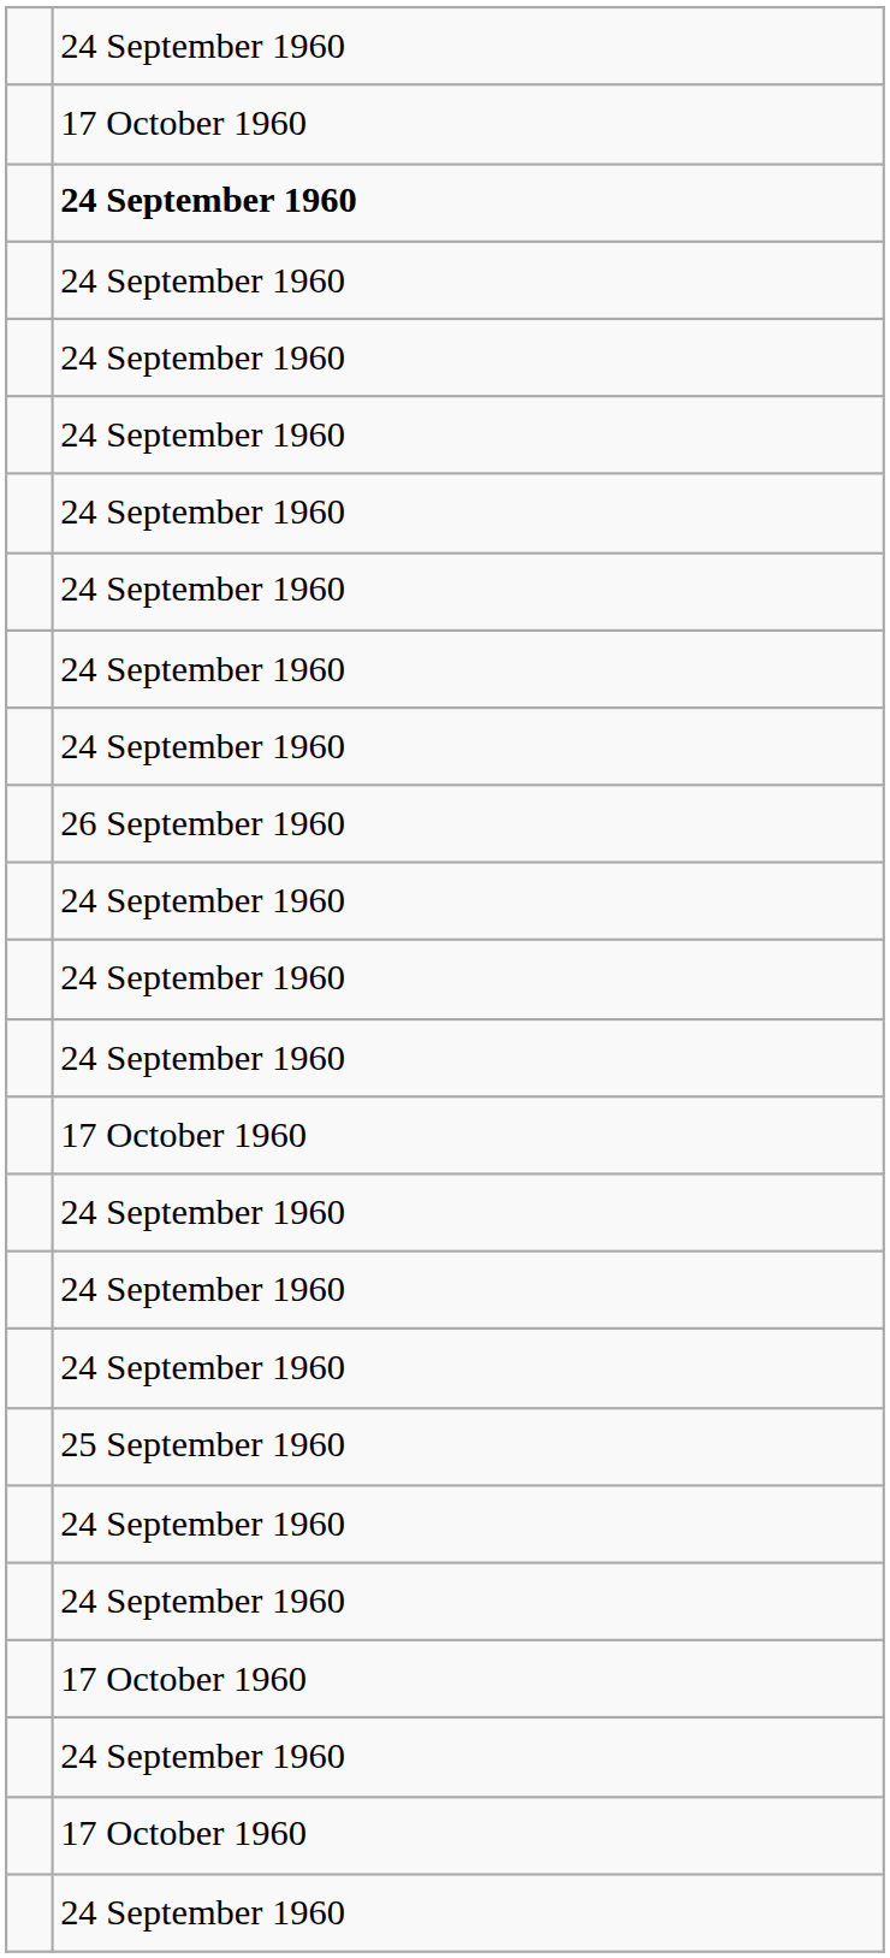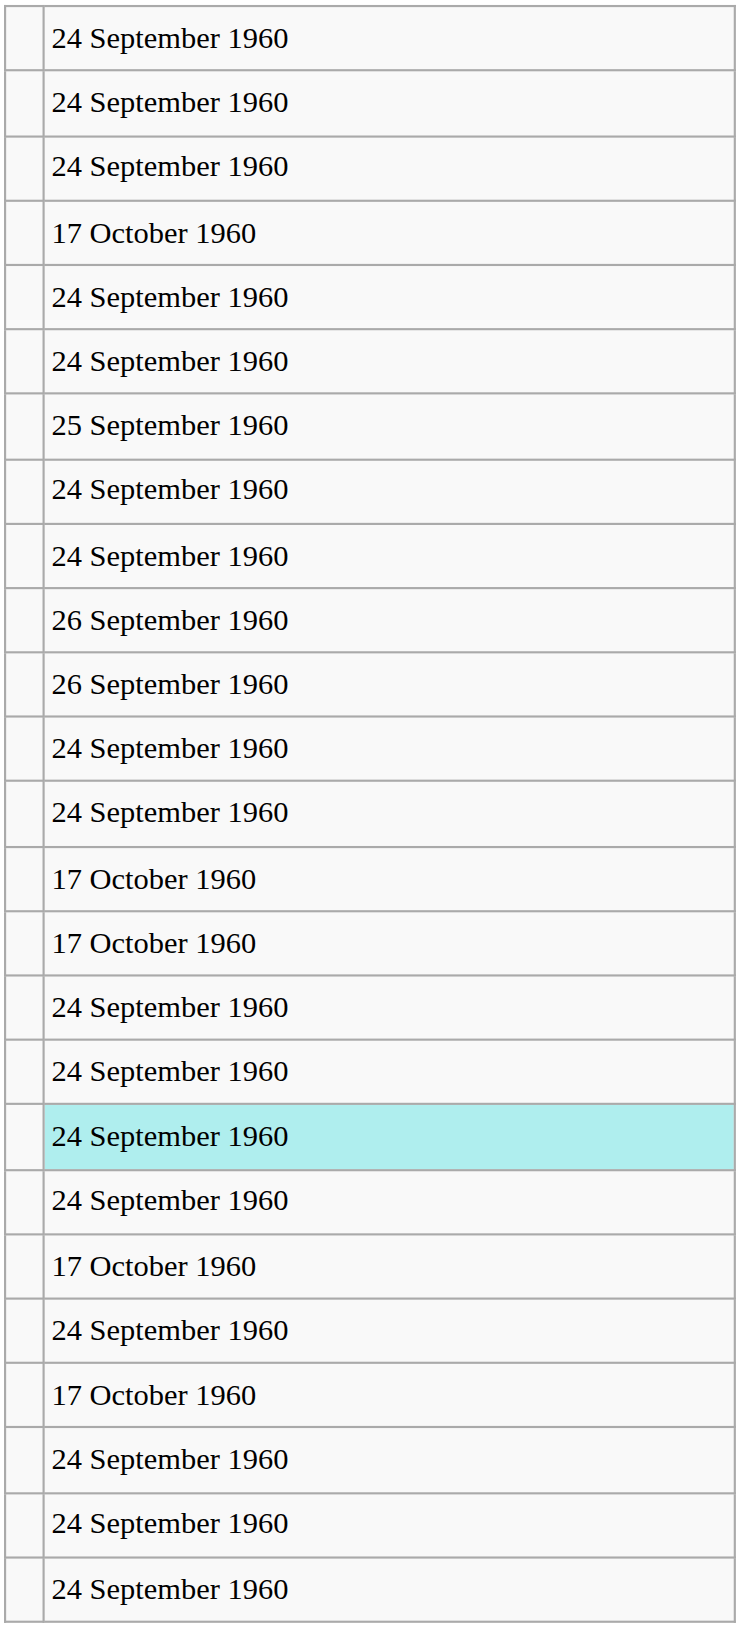 <table class="wikitable" style="font-size: 89%; float: left; width: 24em; margin-right: 1em; line-height: 1.65em">
-<tr>
-<td></td>
-<td>24 September 1960</td>
-</tr>
-<tr>
-<td></td>
-<td>17 October 1960</td>
-</tr>
-<tr>
-<td></td>
-<td><strong>24 September 1960</strong></td>
-</tr>
-<tr>
-<td></td>
-<td>24 September 1960</td>
-</tr>
-<tr>
-<td></td>
-<td>24 September 1960</td>
-</tr>
-<tr>
-<td></td>
-<td>24 September 1960</td>
-</tr>
-<tr>
-<td></td>
-<td>24 September 1960</td>
-</tr>
-<tr>
-<td></td>
-<td>24 September 1960</td>
-</tr>
-<tr>
-<td></td>
-<td>24 September 1960</td>
-</tr>
-<tr>
-<td></td>
-<td>24 September 1960</td>
-</tr>
-<tr>
-<td></td>
-<td>26 September 1960</td>
-</tr>
 <tr>
 <td></td>
 <td>24 September 1960</td>
 </tr>
 <tr>
 <td></td>
 <td>24 September 1960</td>
 </tr>
 <tr>
 <td></td>
 <td>24 September 1960</td>
 </tr>
 <tr>
 <td></td>
 <td>17 October 1960</td>
 </tr>
 <tr>
 <td></td>
 <td>24 September 1960</td>
 </tr>
 <tr>
 <td></td>
 <td>24 September 1960</td>
 </tr>
 <tr>
 <td></td>
-<td>24 September 1960</td>
-</tr>
-<tr>
-<td></td>
 <td>25 September 1960</td>
 </tr>
 <tr>
 <td></td>
 <td>24 September 1960</td>
+</tr>
+<tr>
+<td></td>
+<td>24 September 1960</td>
+</tr>
+<tr>
+<td></td>
+<td>26 September 1960</td>
+</tr>
+<tr>
+<td></td>
+<td>26 September 1960</td>
+</tr>
+<tr>
+<td></td>
+<td>24 September 1960</td>
+</tr>
+<tr>
+<td></td>
+<td>24 September 1960</td>
+</tr>
+<tr>
+<td></td>
+<td>17 October 1960</td>
+</tr>
+<tr>
+<td></td>
+<td>17 October 1960</td>
+</tr>
+<tr>
+<td></td>
+<td>24 September 1960</td>
+</tr>
+<tr>
+<td></td>
+<td>24 September 1960</td>
+</tr>
+<tr>
+<td></td>
+<td style="background: paleturquoise;">24 September 1960</td>
 </tr>
 <tr>
 <td></td>
 <td>24 September 1960</td>
 </tr>
 <tr>
 <td></td>
 <td>17 October 1960</td>
 </tr>
 <tr>
 <td></td>
 <td>24 September 1960</td>
 </tr>
 <tr>
 <td></td>
 <td>17 October 1960</td>
 </tr>
 <tr>
 <td></td>
 <td>24 September 1960</td>
 </tr>
+<tr>
+<td></td>
+<td>24 September 1960</td>
+</tr>
+<tr>
+<td></td>
+<td>24 September 1960</td>
+</tr>
 </table>
